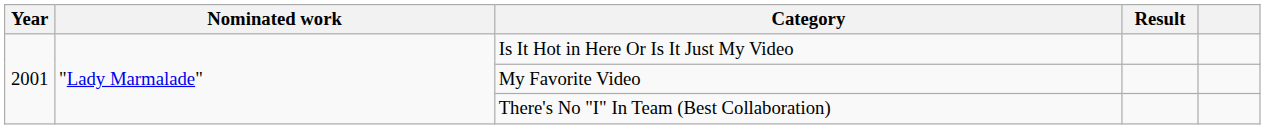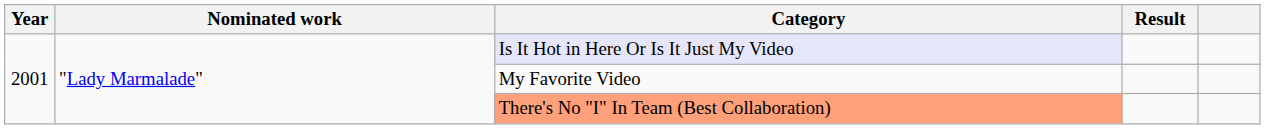 <table class="wikitable plainrowheaders" style="width:85%;">
 <tr>
 <th scope="col" style="width:4%;">Year</th>
 <th scope="col" style="width:35%;">Nominated work</th>
 <th scope="col" style="width:50%;">Category</th>
 <th scope="col" style="width:6%;">Result</th>
 <th scope="col" style="width:6%;"></th>
 </tr>
 <tr>
 <td rowspan="3" align="center">2001</td>
 <td rowspan="3">"<a href='#'>Lady Marmalade</a>"</td>
-<td>Is It Hot in Here Or Is It Just My Video</td>
+<td style="background: lavender;">Is It Hot in Here Or Is It Just My Video</td>
 <td></td>
 <td></td>
 </tr>
 <tr>
 <td>My Favorite Video</td>
 <td></td>
 <td></td>
 </tr>
 <tr>
-<td>There's No "I" In Team (Best Collaboration)</td>
+<td style="background: lightsalmon;">There's No "I" In Team (Best Collaboration)</td>
 <td></td>
 <td></td>
 </tr>
 </table>
